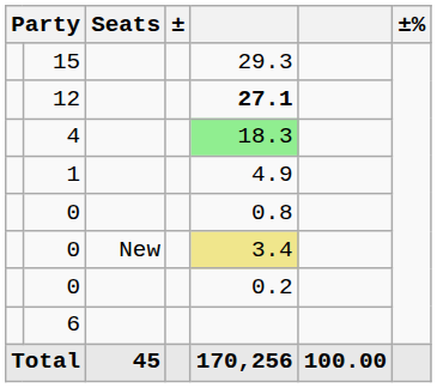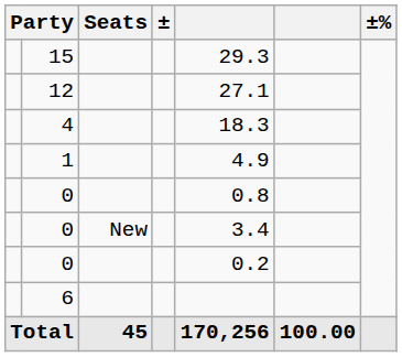 <table class=wikitable>
 <tr>
 <th colspan="2" align="center">Party</th>
 <th>Seats</th>
 <th>±</th>
 <th></th>
 <th></th>
 <th>±%</th>
 </tr>
 <tr>
 <td></td>
 <td align=right>15</td>
 <td align=right></td>
 <td align=right></td>
 <td align=right>29.3</td>
 <td align=right></td>
 </tr>
 <tr>
 <td></td>
 <td align=right>12</td>
 <td align=right></td>
 <td align=right></td>
-<td align=right><strong>27.1</strong></td>
+<td align=right>27.1</td>
 <td align=right></td>
 </tr>
 <tr>
 <td></td>
 <td align=right>4</td>
 <td align=right></td>
 <td align=right></td>
-<td align=right style="background: lightgreen;">18.3</td>
+<td align=right>18.3</td>
 <td align=right></td>
 </tr>
 <tr>
 <td></td>
 <td align=right>1</td>
 <td align=right></td>
 <td align=right></td>
 <td align=right>4.9</td>
 <td align=right></td>
 </tr>
 <tr>
 <td></td>
 <td align=right>0</td>
 <td align=right></td>
 <td align=right></td>
 <td align=right>0.8</td>
 <td align=right></td>
 </tr>
 <tr>
 <td></td>
 <td align=right>0</td>
 <td align=right>New</td>
 <td align=right></td>
-<td align=right style="background: khaki;">3.4</td>
+<td align=right>3.4</td>
 <td align=right></td>
 </tr>
 <tr>
 <td></td>
 <td align=right>0</td>
 <td align=right></td>
 <td align=right></td>
 <td align=right>0.2</td>
 <td align=right></td>
 </tr>
 <tr>
 <td></td>
 <td align=right>6</td>
 <td align=right></td>
 <td align=right></td>
 <td align=right></td>
 <td align=right></td>
 </tr>
 <tr style="font-weight:bold; background:rgb(232,232,232);">
 <td colspan=2 align=center>Total</td>
 <td align=right>45</td>
 <td></td>
 <td align=right>170,256</td>
 <td align=center>100.00</td>
 <td></td>
 </tr>
 </table>
